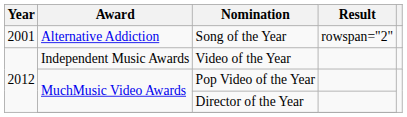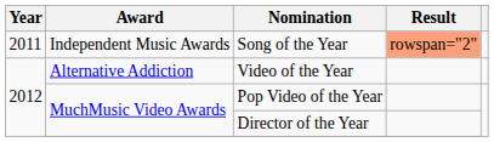 <table class="wikitable">
 <tr>
 <th>Year</th>
 <th>Award</th>
 <th>Nomination</th>
 <th>Result</th>
 <th></th>
 </tr>
 <tr>
-<td>2001</td>
-<td><a href='#'>Alternative Addiction</a></td>
+<td>2011</td>
+<td>Independent Music Awards</td>
 <td>Song of the Year</td>
-<td>rowspan="2" </td>
+<td style="background: lightsalmon;">rowspan="2" </td>
 <td style="text-align:center;"></td>
 </tr>
 <tr>
 <td rowspan="4">2012</td>
-<td>Independent Music Awards</td>
+<td><a href='#'>Alternative Addiction</a></td>
 <td>Video of the Year</td>
 <td style="text-align:center;"></td>
 </tr>
 <tr>
 <td rowspan="2"><a href='#'>MuchMusic Video Awards</a></td>
 <td>Pop Video of the Year</td>
 <td></td>
 <td style="text-align:center;" rowspan="3"></td>
 </tr>
 <tr>
 <td>Director of the Year</td>
 <td></td>
 </tr>
 <tr>
 </tr>
 </table>
